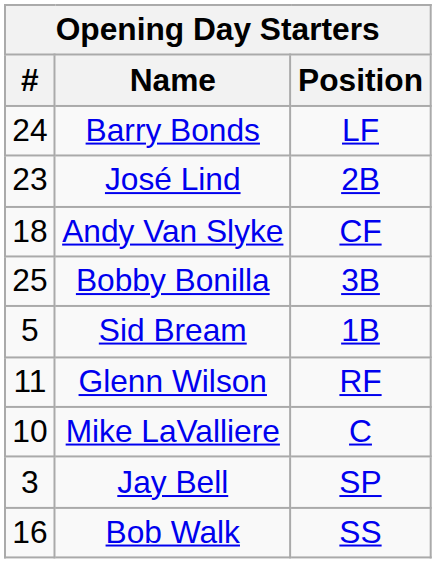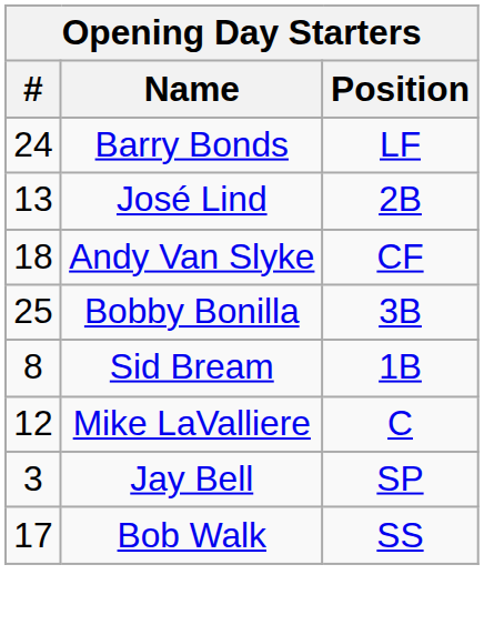 <table class="wikitable" style="text-align:center">
 <tr>
 <th colspan="3">Opening Day Starters</th>
 </tr>
 <tr>
 <th>#</th>
 <th>Name</th>
 <th>Position</th>
 </tr>
 <tr>
 <td>24</td>
 <td><a href='#'>Barry Bonds</a></td>
 <td><a href='#'>LF</a></td>
 </tr>
 <tr>
-<td>23</td>
+<td>13</td>
 <td><a href='#'>José Lind</a></td>
 <td><a href='#'>2B</a></td>
 </tr>
 <tr>
 <td>18</td>
 <td><a href='#'>Andy Van Slyke</a></td>
 <td><a href='#'>CF</a></td>
 </tr>
 <tr>
 <td>25</td>
 <td><a href='#'>Bobby Bonilla</a></td>
 <td><a href='#'>3B</a></td>
 </tr>
 <tr>
-<td>5</td>
+<td>8</td>
 <td><a href='#'>Sid Bream</a></td>
 <td><a href='#'>1B</a></td>
 </tr>
 <tr>
-<td>11</td>
-<td><a href='#'>Glenn Wilson</a></td>
-<td><a href='#'>RF</a></td>
-</tr>
-<tr>
-<td>10</td>
+<td>12</td>
 <td><a href='#'>Mike LaValliere</a></td>
 <td><a href='#'>C</a></td>
 </tr>
 <tr>
 <td>3</td>
 <td><a href='#'>Jay Bell</a></td>
 <td><a href='#'>SP</a></td>
 </tr>
 <tr>
-<td>16</td>
+<td>17</td>
 <td><a href='#'>Bob Walk</a></td>
 <td><a href='#'>SS</a></td>
 </tr>
 </table>
